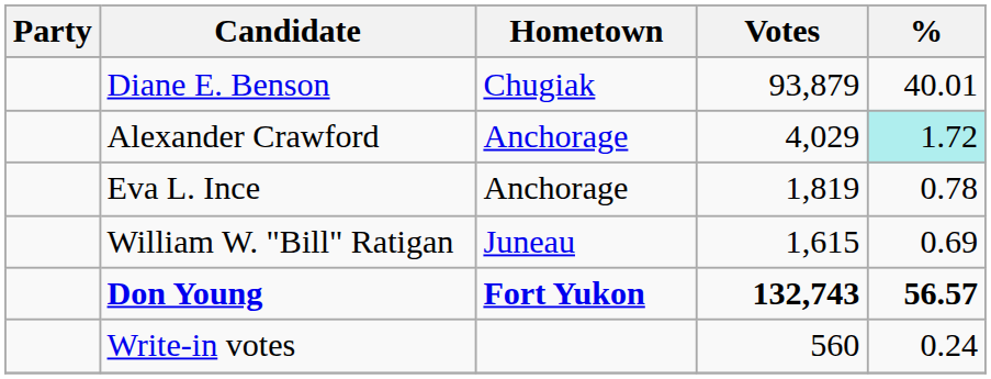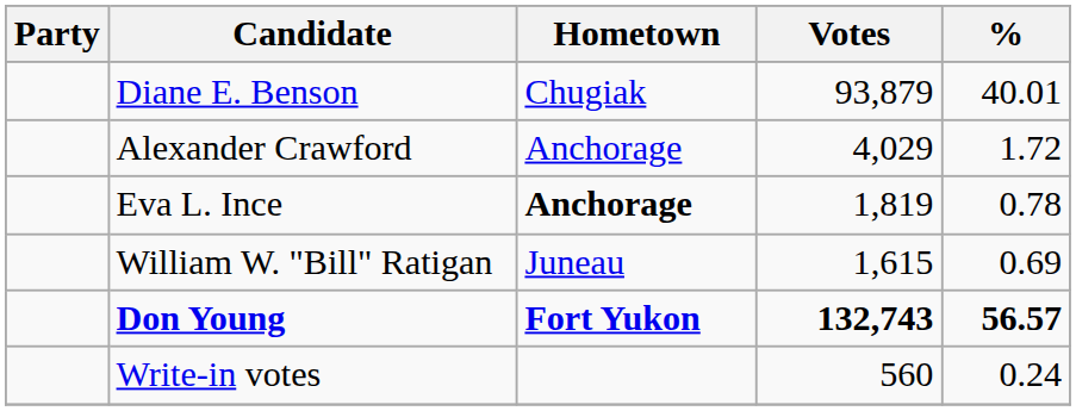 <table class="wikitable">
 <tr>
 <th width="25"><strong>Party</strong></th>
 <th width="175" valign="top"><strong>Candidate</strong></th>
 <th width="100" valign="top"><strong>Hometown</strong></th>
 <th width="75" valign="top"><strong>Votes</strong></th>
 <th width="50" valign="top"><strong>%</strong></th>
 </tr>
 <tr>
 <td style="background-color:"></td>
 <td><a href='#'>Diane E. Benson</a></td>
 <td><a href='#'>Chugiak</a></td>
 <td style="text-align:right;">93,879</td>
 <td style="text-align:right;">40.01</td>
 </tr>
 <tr>
 <td style="background-color:"></td>
 <td>Alexander Crawford</td>
 <td><a href='#'>Anchorage</a></td>
 <td style="text-align:right;">4,029</td>
-<td style="background: paleturquoise; text-align:right;">1.72</td>
+<td style="text-align:right;">1.72</td>
 </tr>
 <tr>
 <td style="background-color:"></td>
 <td>Eva L. Ince</td>
-<td>Anchorage</td>
+<td><strong>Anchorage</strong></td>
 <td style="text-align:right;">1,819</td>
 <td style="text-align:right;">0.78</td>
 </tr>
 <tr>
 <td></td>
 <td>William W. "Bill" Ratigan</td>
 <td><a href='#'>Juneau</a></td>
 <td style="text-align:right;">1,615</td>
 <td style="text-align:right;">0.69</td>
 </tr>
 <tr>
 <td style="background-color:"></td>
 <td><strong><a href='#'>Don Young</a></strong></td>
 <td><strong><a href='#'>Fort Yukon</a></strong></td>
 <td style="text-align:right;"><strong>132,743</strong></td>
 <td style="text-align:right;"><strong>56.57</strong></td>
 </tr>
 <tr>
 <td></td>
 <td><a href='#'>Write-in</a> votes</td>
 <td></td>
 <td style="text-align:right;">560</td>
 <td style="text-align:right;">0.24</td>
 </tr>
 <tr>
 </tr>
 </table>
